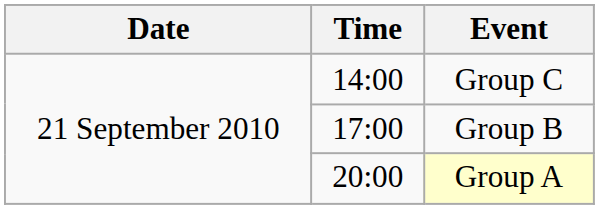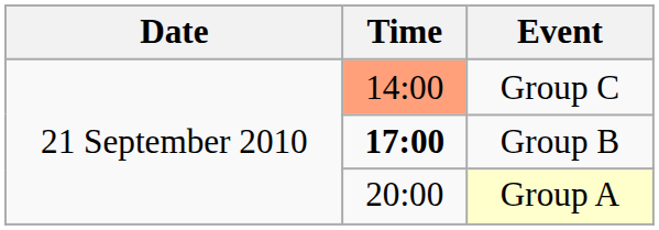 <table class = "wikitable" style="text-align:center;">
 <tr>
 <th width=150>Date</th>
 <th width=50>Time</th>
 <th width=80>Event</th>
 </tr>
 <tr>
 <td rowspan=3>21 September 2010</td>
-<td>14:00</td>
+<td style="background: lightsalmon;">14:00</td>
 <td>Group C</td>
 </tr>
 <tr>
-<td>17:00</td>
+<td><strong>17:00</strong></td>
 <td>Group B</td>
 </tr>
 <tr>
 <td>20:00</td>
 <td bgcolor=ffffcc>Group A</td>
 </tr>
 </table>
